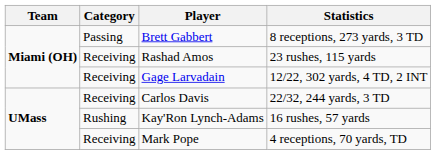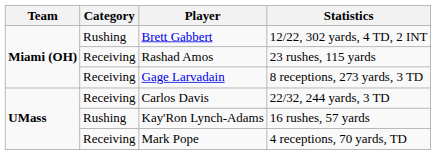 <table class="wikitable" style="float: right;">
 <tr>
 <th>Team</th>
 <th>Category</th>
 <th>Player</th>
 <th>Statistics</th>
 </tr>
 <tr>
 <td rowspan=3><strong>Miami (OH)</strong></td>
-<td>Passing</td>
+<td>Rushing</td>
 <td><a href='#'>Brett Gabbert</a></td>
-<td>8 receptions, 273 yards, 3 TD</td>
+<td>12/22, 302 yards, 4 TD, 2 INT</td>
 </tr>
 <tr>
 <td>Receiving</td>
 <td>Rashad Amos</td>
 <td>23 rushes, 115 yards</td>
 </tr>
 <tr>
 <td>Receiving</td>
 <td><a href='#'>Gage Larvadain</a></td>
-<td>12/22, 302 yards, 4 TD, 2 INT</td>
+<td>8 receptions, 273 yards, 3 TD</td>
 </tr>
 <tr>
 <td rowspan=3><strong>UMass</strong></td>
 <td>Receiving</td>
 <td>Carlos Davis</td>
 <td>22/32, 244 yards, 3 TD</td>
 </tr>
 <tr>
 <td>Rushing</td>
 <td>Kay'Ron Lynch-Adams</td>
 <td>16 rushes, 57 yards</td>
 </tr>
 <tr>
 <td>Receiving</td>
 <td>Mark Pope</td>
 <td>4 receptions, 70 yards, TD</td>
 </tr>
 </table>
